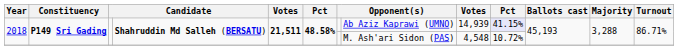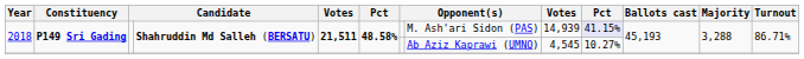 <table class="wikitable" style="margin:0.5em ; font-size:95%">
 <tr>
 <th>Year</th>
 <th>Constituency</th>
 <th colspan=2>Candidate</th>
 <th>Votes</th>
 <th>Pct</th>
 <th colspan=2>Opponent(s)</th>
 <th>Votes</th>
 <th>Pct</th>
 <th>Ballots cast</th>
 <th>Majority</th>
 <th>Turnout</th>
 </tr>
 <tr>
 <td rowspan=2><a href='#'>2018</a></td>
 <td rowspan="2"><strong>P149 <a href='#'>Sri Gading</a></strong></td>
 <td rowspan=2 ></td>
 <td rowspan=2><strong>Shahruddin Md Salleh</strong> (<a href='#'><strong>BERSATU</strong></a>)</td>
 <td rowspan=2 align="right"><strong>21,511</strong></td>
 <td rowspan=2><strong>48.58%</strong></td>
 <td></td>
-<td><a href='#'>Ab Aziz Kaprawi</a> (<a href='#'>UMNO</a>)</td>
+<td>M. Ash'ari Sidon (<a href='#'>PAS</a>)</td>
 <td align="right">14,939</td>
 <td style="background: lavender;">41.15%</td>
 <td rowspan=2>45,193</td>
 <td rowspan=2>3,288</td>
 <td rowspan=2>86.71%</td>
 </tr>
 <tr>
 <td></td>
-<td>M. Ash'ari Sidon (<a href='#'>PAS</a>)</td>
-<td align="right">4,548</td>
-<td>10.72%</td>
+<td><a href='#'>Ab Aziz Kaprawi</a> (<a href='#'>UMNO</a>)</td>
+<td align="right">4,545</td>
+<td>10.27%</td>
 </tr>
 <tr>
 </tr>
 </table>
